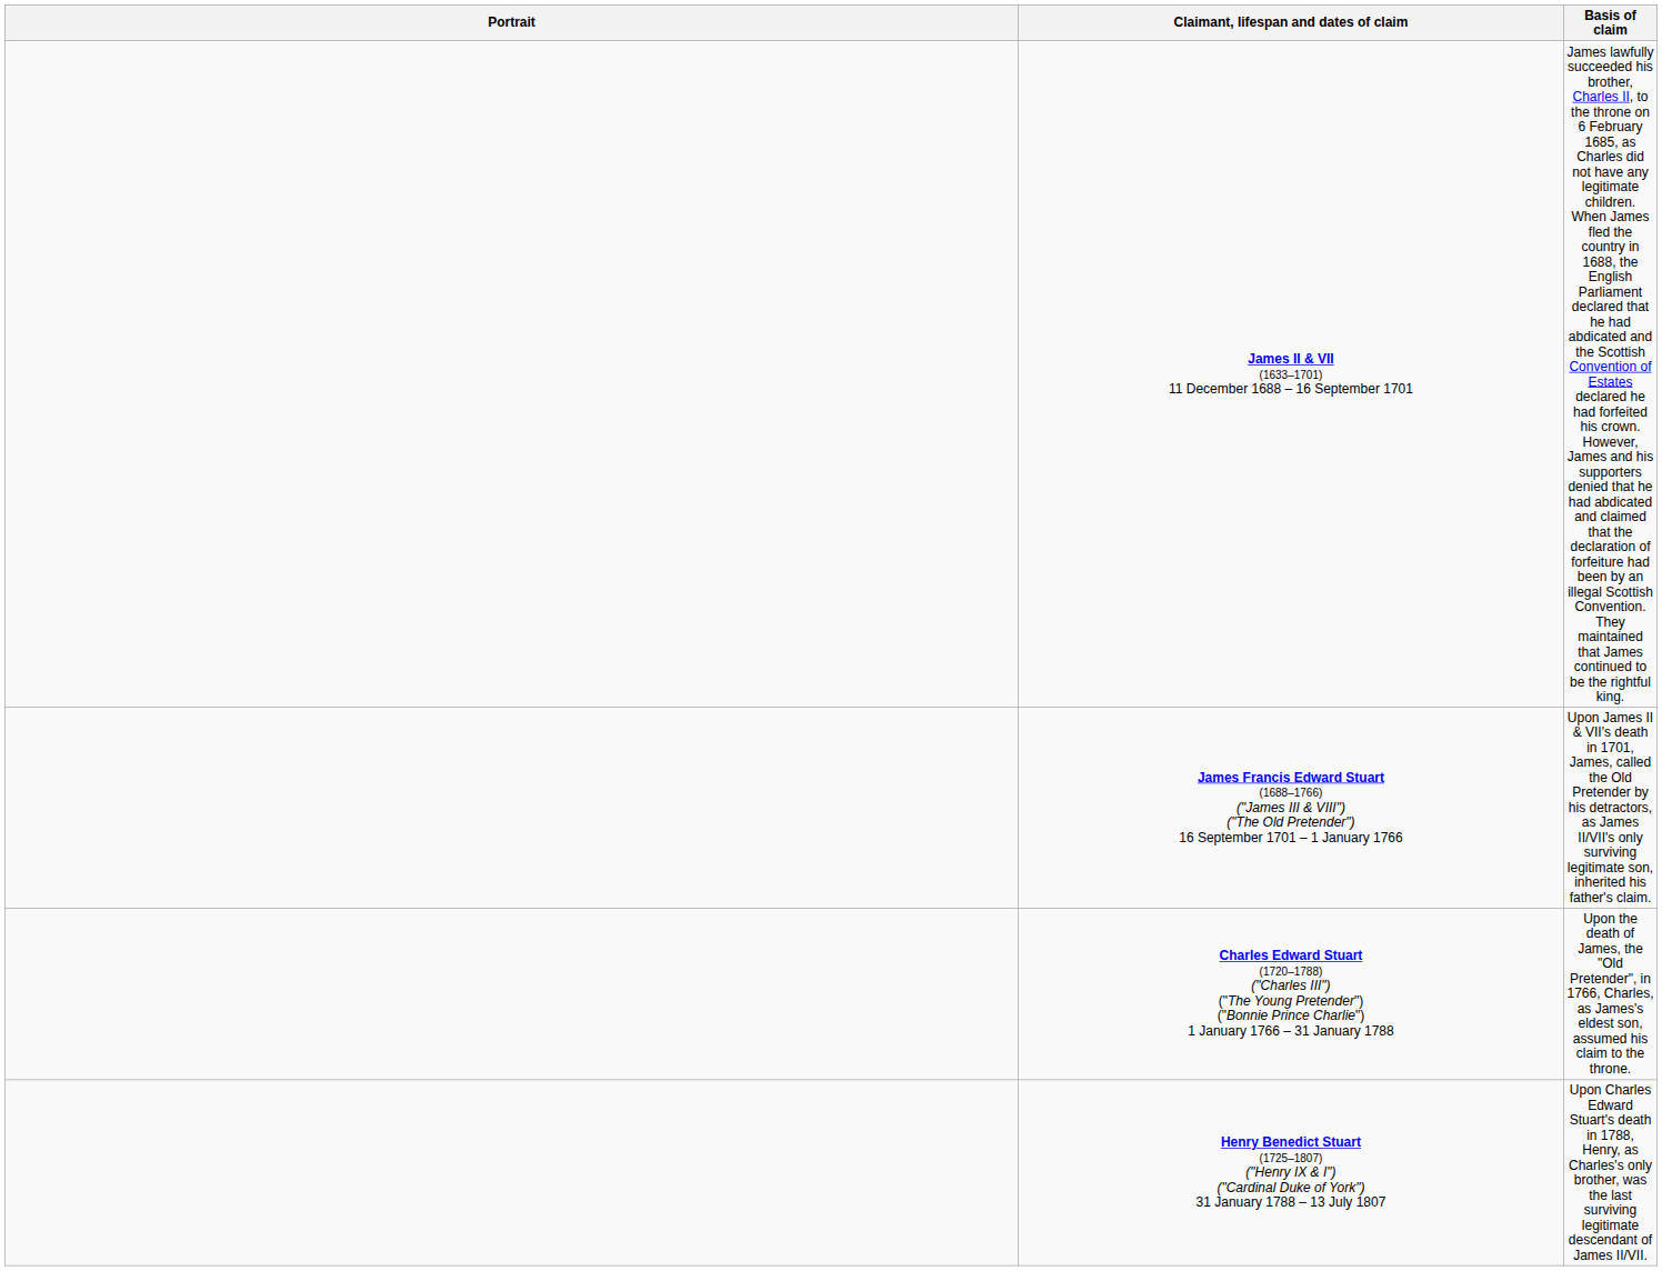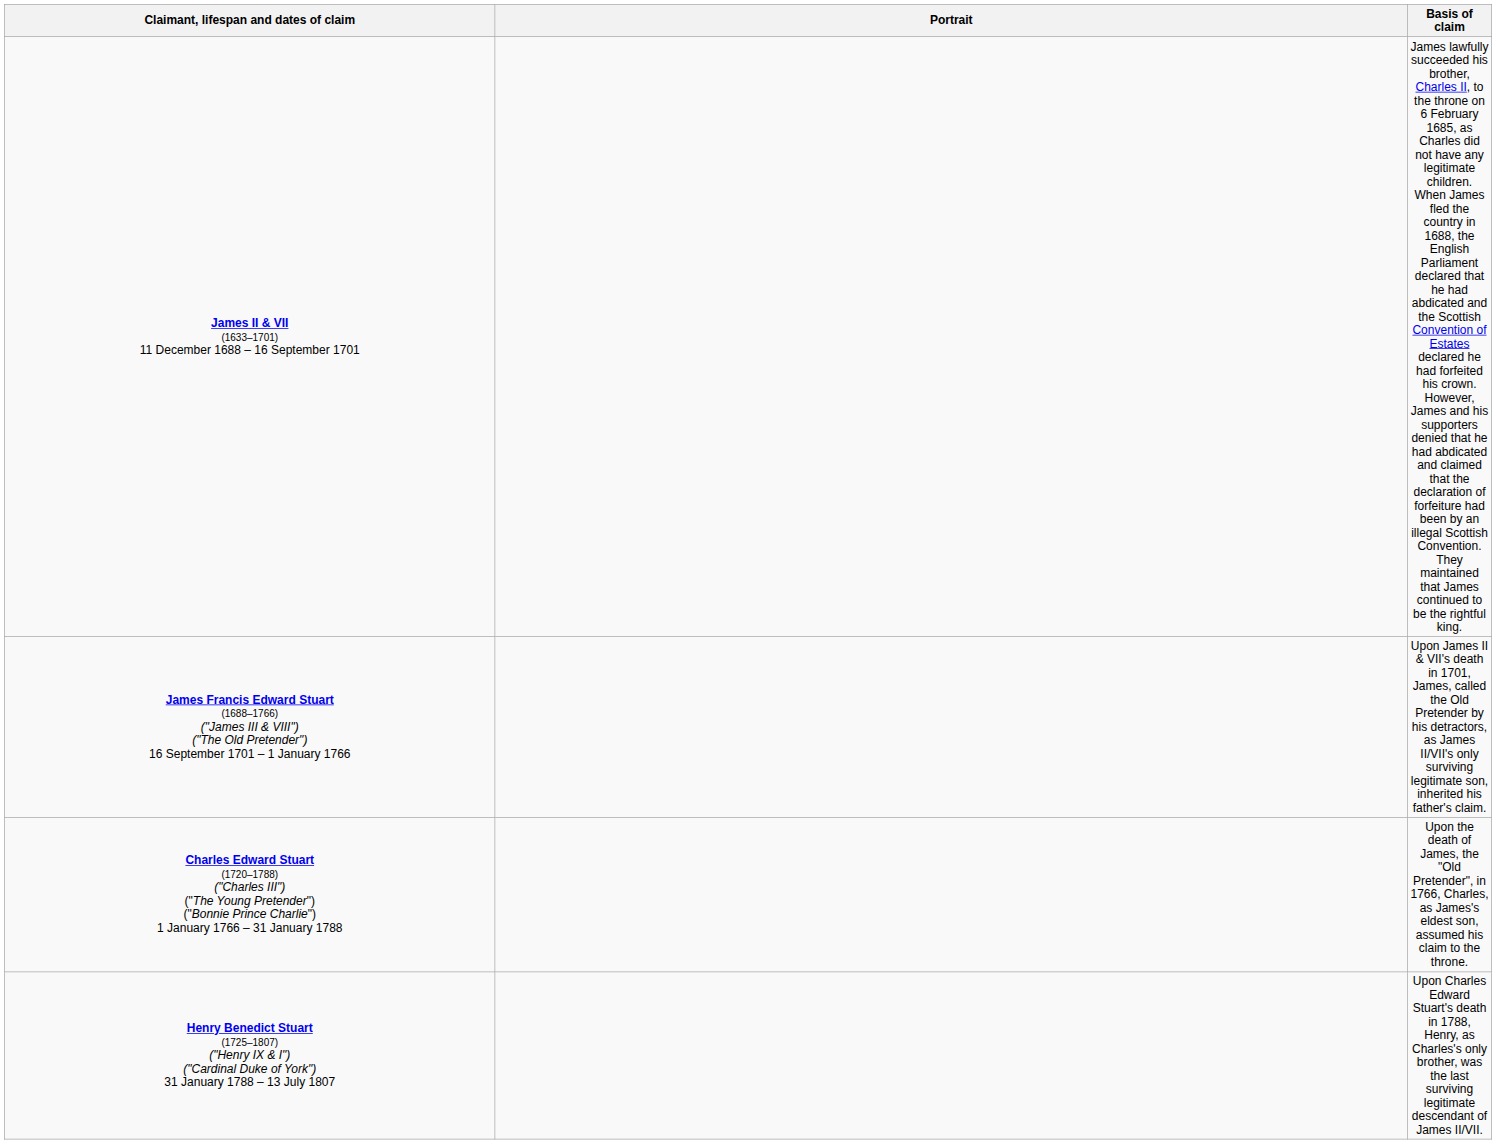 <table style="text-align:center; width:100%" class="wikitable">
 <tr>
+<th style="width:33%;">Claimant, lifespan and dates of claim</th>
 <th>Portrait</th>
-<th style="width:33%;">Claimant, lifespan and dates of claim</th>
 <th style="width:105px;" style="width:54%;">Basis of claim</th>
 </tr>
 <tr>
+<td><strong><a href='#'>James II & VII</a></strong><br><small>(1633–1701)</small><br>11 December 1688 – 16 September 1701</td>
 <td></td>
-<td><strong><a href='#'>James II & VII</a></strong><br><small>(1633–1701)</small><br>11 December 1688 – 16 September 1701</td>
 <td>James lawfully succeeded his brother, <a href='#'>Charles II</a>, to the throne on 6 February 1685, as Charles did not have any legitimate children. When James fled the country in 1688, the English Parliament declared that he had abdicated and the Scottish <a href='#'>Convention of Estates</a> declared he had forfeited his crown. However, James and his supporters denied that he had abdicated and claimed that the declaration of forfeiture had been by an illegal Scottish Convention. They maintained that James continued to be the rightful king.</td>
 </tr>
 <tr>
+<td><strong><a href='#'>James Francis Edward Stuart</a></strong><br><small>(1688–1766)</small><br><em>("James III & VIII")</em><br><em>("The Old Pretender")</em><br>16 September 1701 – 1 January 1766</td>
 <td></td>
-<td><strong><a href='#'>James Francis Edward Stuart</a></strong><br><small>(1688–1766)</small><br><em>("James III & VIII")</em><br><em>("The Old Pretender")</em><br>16 September 1701 – 1 January 1766</td>
 <td>Upon James II & VII's death in 1701, James, called the Old Pretender by his detractors, as James II/VII's only surviving legitimate son, inherited his father's claim.</td>
 </tr>
 <tr>
+<td><strong><a href='#'>Charles Edward Stuart</a></strong><br><small>(1720–1788)</small><br><em>("Charles III")</em><br>("<em>The Young Pretender</em>")<br>("<em>Bonnie Prince Charlie</em>")<br>1 January 1766 – 31 January 1788</td>
 <td></td>
-<td><strong><a href='#'>Charles Edward Stuart</a></strong><br><small>(1720–1788)</small><br><em>("Charles III")</em><br>("<em>The Young Pretender</em>")<br>("<em>Bonnie Prince Charlie</em>")<br>1 January 1766 – 31 January 1788</td>
 <td>Upon the death of James, the "Old Pretender", in 1766, Charles, as James's eldest son, assumed his claim to the throne.</td>
 </tr>
 <tr>
+<td><strong><a href='#'>Henry Benedict Stuart</a></strong><br><small>(1725–1807)</small><br><em>("Henry IX & I")</em><br> <em>("Cardinal Duke of York")</em><br>31 January 1788 – 13 July 1807</td>
 <td></td>
-<td><strong><a href='#'>Henry Benedict Stuart</a></strong><br><small>(1725–1807)</small><br><em>("Henry IX & I")</em><br> <em>("Cardinal Duke of York")</em><br>31 January 1788 – 13 July 1807</td>
 <td>Upon Charles Edward Stuart's death in 1788, Henry, as Charles's only brother, was the last surviving legitimate descendant of James II/VII.</td>
 </tr>
 </table>
